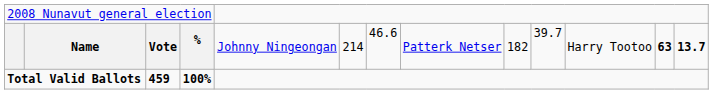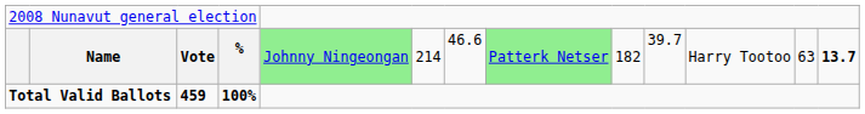 <table class="wikitable">
 <tr>
 <td colspan=4 align=center><a href='#'>2008 Nunavut general election</a></td>
 </tr>
 <tr>
 <th></th>
 <th><strong>Name </strong></th>
 <th><strong>Vote</strong></th>
 <th><strong>%</strong><br><br></th>
-<td><a href='#'>Johnny Ningeongan</a><br></td>
+<td style="background: lightgreen;"><a href='#'>Johnny Ningeongan</a><br></td>
 <td>214<br></td>
 <td>46.6<br><br><br></td>
-<td><a href='#'>Patterk Netser</a><br></td>
+<td style="background: lightgreen;"><a href='#'>Patterk Netser</a><br></td>
 <td>182<br></td>
 <td>39.7<br><br><br></td>
 <td>Harry Tootoo<br></td>
-<td><strong>63<br></strong></td>
+<td>63<br></td>
 <td><strong>13.7<br></strong></td>
 </tr>
 <tr>
 <td colspan=2><strong>Total Valid Ballots</strong><br></td>
 <td><strong>459</strong><br></td>
 <td><strong>100%</strong><br></td>
 </tr>
 </table>
